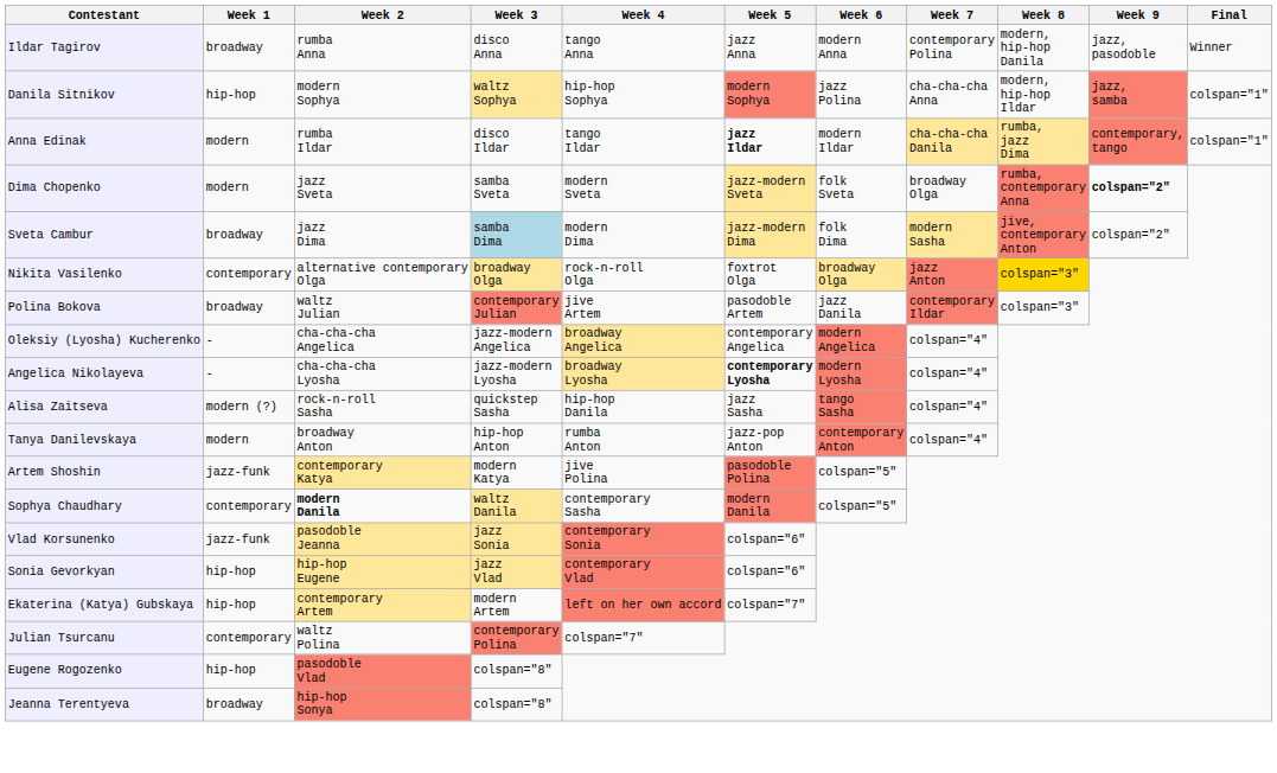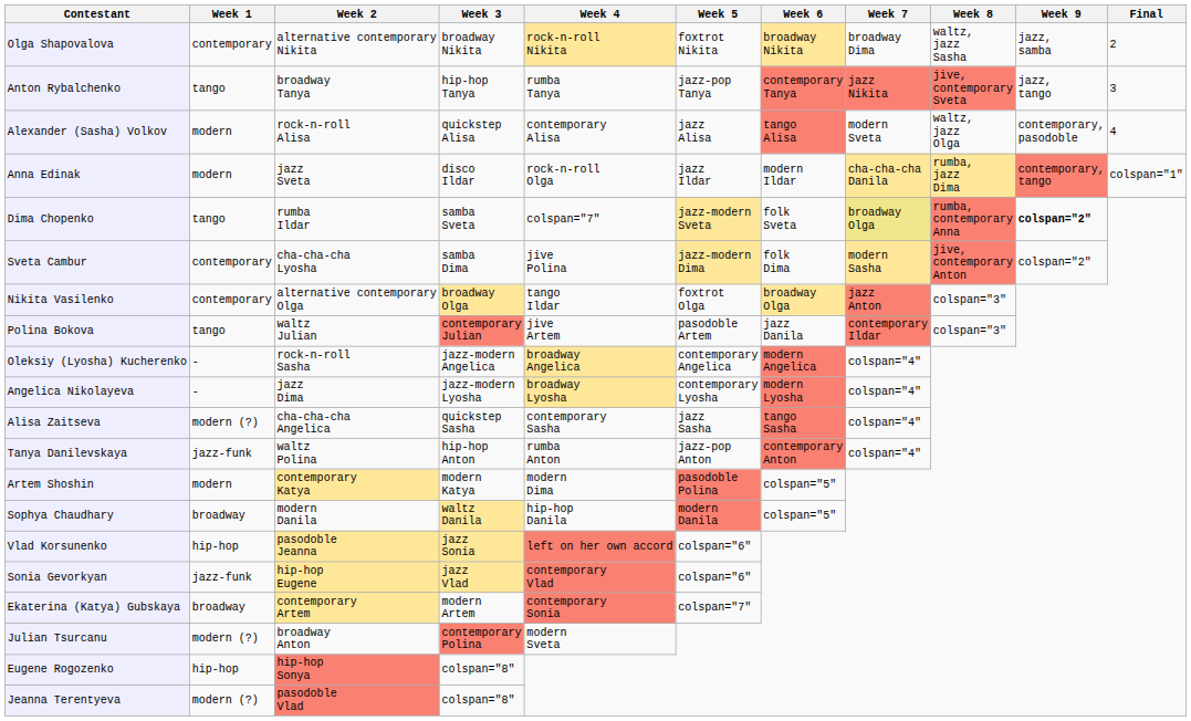 <table class="wikitable">
 <tr>
 <th>Contestant</th>
 <th>Week 1</th>
 <th>Week 2</th>
 <th>Week 3</th>
 <th>Week 4</th>
 <th>Week 5</th>
 <th>Week 6</th>
 <th>Week 7</th>
 <th>Week 8</th>
 <th>Week 9</th>
 <th>Final</th>
 </tr>
 <tr>
-<td bgcolor="#eeeeff">Ildar Tagirov</td>
-<td>broadway</td>
-<td>rumba <br> Anna</td>
-<td>disco <br> Anna</td>
-<td>tango <br> Anna</td>
-<td>jazz <br> Anna</td>
-<td>modern <br> Anna</td>
-<td>contemporary <br> Polina</td>
-<td>modern, <br> hip-hop <br> Danila</td>
-<td>jazz, <br> pasodoble</td>
-<td>Winner</td>
+<td bgcolor="#eeeeff">Olga Shapovalova</td>
+<td>contemporary</td>
+<td>alternative contemporary <br> Nikita</td>
+<td>broadway <br> Nikita</td>
+<td bgcolor=#FFE799>rock-n-roll <br> Nikita</td>
+<td>foxtrot <br> Nikita</td>
+<td bgcolor=#FFE799>broadway <br> Nikita</td>
+<td>broadway <br> Dima</td>
+<td>waltz, <br> jazz <br> Sasha</td>
+<td>jazz, <br> samba</td>
+<td>2</td>
 </tr>
 <tr>
-<td bgcolor="#eeeeff">Danila Sitnikov</td>
-<td>hip-hop</td>
-<td>modern <br> Sophya</td>
-<td bgcolor=#FFE799>waltz <br> Sophya</td>
-<td>hip-hop <br> Sophya</td>
-<td bgcolor=#FA8072>modern <br> Sophya</td>
-<td>jazz <br> Polina</td>
-<td>cha-cha-cha <br> Anna</td>
-<td>modern, <br> hip-hop <br> Ildar</td>
-<td bgcolor=#FA8072>jazz, <br> samba</td>
-<td>colspan="1" </td>
+<td bgcolor="#eeeeff">Anton Rybalchenko</td>
+<td>tango</td>
+<td>broadway <br> Tanya</td>
+<td>hip-hop <br> Tanya</td>
+<td>rumba <br> Tanya</td>
+<td>jazz-pop <br> Tanya</td>
+<td bgcolor=#FA8072>contemporary <br> Tanya</td>
+<td bgcolor=#FA8072>jazz <br> Nikita</td>
+<td bgcolor=#FA8072>jive, <br> contemporary <br> Sveta</td>
+<td>jazz, <br> tango</td>
+<td>3</td>
+</tr>
+<tr>
+<td bgcolor="#eeeeff">Alexander (Sasha) Volkov</td>
+<td>modern</td>
+<td>rock-n-roll <br> Alisa</td>
+<td>quickstep <br> Alisa</td>
+<td>contemporary <br> Alisa</td>
+<td>jazz <br> Alisa</td>
+<td bgcolor=#FA8072>tango <br> Alisa</td>
+<td>modern <br> Sveta</td>
+<td>waltz, <br> jazz <br> Olga</td>
+<td>contemporary, <br> pasodoble</td>
+<td>4</td>
 </tr>
 <tr>
 <td bgcolor="#eeeeff">Anna Edinak</td>
 <td>modern</td>
-<td>rumba <br> Ildar</td>
+<td>jazz <br> Sveta</td>
 <td>disco <br> Ildar</td>
-<td>tango <br> Ildar</td>
-<td><strong>jazz <br> Ildar</strong></td>
+<td>rock-n-roll <br> Olga</td>
+<td>jazz <br> Ildar</td>
 <td>modern <br> Ildar</td>
 <td bgcolor=#FFE799>cha-cha-cha <br> Danila</td>
 <td bgcolor=#FFE799>rumba, <br> jazz <br> Dima</td>
 <td bgcolor=#FA8072>contemporary, <br> tango</td>
 <td>colspan="1" </td>
 </tr>
 <tr>
 <td bgcolor="#eeeeff">Dima Chopenko</td>
-<td>modern</td>
-<td>jazz <br> Sveta</td>
+<td>tango</td>
+<td>rumba <br> Ildar</td>
 <td>samba <br> Sveta</td>
-<td>modern <br> Sveta</td>
+<td>colspan="7" </td>
 <td bgcolor=#FFE799>jazz-modern <br> Sveta</td>
 <td>folk <br> Sveta</td>
-<td>broadway <br> Olga</td>
+<td style="background: khaki;">broadway <br> Olga</td>
 <td bgcolor=#FA8072>rumba, <br> contemporary <br> Anna</td>
 <td><strong>colspan="2" </strong></td>
 </tr>
 <tr>
 <td bgcolor="#eeeeff">Sveta Cambur</td>
-<td>broadway</td>
-<td>jazz <br> Dima</td>
-<td style="background: lightblue;">samba <br> Dima</td>
-<td>modern <br> Dima</td>
+<td>contemporary</td>
+<td>cha-cha-cha <br> Lyosha</td>
+<td>samba <br> Dima</td>
+<td>jive <br> Polina</td>
 <td bgcolor=#FFE799>jazz-modern <br> Dima</td>
 <td>folk <br> Dima</td>
 <td bgcolor=#FFE799>modern <br> Sasha</td>
 <td bgcolor=#FA8072>jive, <br> contemporary <br> Anton</td>
 <td>colspan="2" </td>
 </tr>
 <tr>
 <td bgcolor="#eeeeff">Nikita Vasilenko</td>
 <td>contemporary</td>
 <td>alternative contemporary <br> Olga</td>
 <td bgcolor=#FFE799>broadway <br> Olga</td>
-<td>rock-n-roll <br> Olga</td>
+<td>tango <br> Ildar</td>
 <td>foxtrot <br> Olga</td>
 <td bgcolor=#FFE799>broadway <br> Olga</td>
 <td bgcolor=#FA8072>jazz <br> Anton</td>
-<td style="background: gold;">colspan="3" </td>
+<td>colspan="3" </td>
 </tr>
 <tr>
 <td bgcolor="#eeeeff">Polina Bokova</td>
-<td>broadway</td>
+<td>tango</td>
 <td>waltz <br> Julian</td>
 <td bgcolor=#FA8072>contemporary <br> Julian</td>
 <td>jive <br> Artem</td>
 <td>pasodoble <br> Artem</td>
 <td>jazz <br> Danila</td>
 <td bgcolor=#FA8072>contemporary <br> Ildar</td>
 <td>colspan="3" </td>
 </tr>
 <tr>
 <td bgcolor="#eeeeff">Oleksiy (Lyosha) Kucherenko</td>
 <td>-</td>
-<td>cha-cha-cha <br> Angelica</td>
+<td>rock-n-roll <br> Sasha</td>
 <td>jazz-modern <br> Angelica</td>
 <td bgcolor=#FFE799>broadway <br> Angelica</td>
 <td>contemporary <br> Angelica</td>
 <td bgcolor=#FA8072>modern <br> Angelica</td>
 <td>colspan="4" </td>
 </tr>
 <tr>
 <td bgcolor="#eeeeff">Angelica Nikolayeva</td>
 <td>-</td>
-<td>cha-cha-cha <br> Lyosha</td>
+<td>jazz <br> Dima</td>
 <td>jazz-modern <br> Lyosha</td>
 <td bgcolor=#FFE799>broadway <br> Lyosha</td>
-<td><strong>contemporary <br> Lyosha</strong></td>
+<td>contemporary <br> Lyosha</td>
 <td bgcolor=#FA8072>modern <br> Lyosha</td>
 <td>colspan="4" </td>
 </tr>
 <tr>
 <td bgcolor="#eeeeff">Alisa Zaitseva</td>
 <td>modern (?)</td>
-<td>rock-n-roll <br> Sasha</td>
+<td>cha-cha-cha <br> Angelica</td>
 <td>quickstep <br> Sasha</td>
-<td>hip-hop <br> Danila</td>
+<td>contemporary <br> Sasha</td>
 <td>jazz <br> Sasha</td>
 <td bgcolor=#FA8072>tango <br> Sasha</td>
 <td>colspan="4" </td>
 </tr>
 <tr>
 <td bgcolor="#eeeeff">Tanya Danilevskaya</td>
-<td>modern</td>
-<td>broadway <br> Anton</td>
+<td>jazz-funk</td>
+<td>waltz <br> Polina</td>
 <td>hip-hop <br> Anton</td>
 <td>rumba <br> Anton</td>
 <td>jazz-pop <br> Anton</td>
 <td bgcolor=#FA8072>contemporary <br> Anton</td>
 <td>colspan="4" </td>
 </tr>
 <tr>
 <td bgcolor="#eeeeff">Artem Shoshin</td>
-<td>jazz-funk</td>
+<td>modern</td>
 <td bgcolor=#FFE799>contemporary <br> Katya</td>
 <td>modern <br> Katya</td>
-<td>jive <br> Polina</td>
+<td>modern <br> Dima</td>
 <td bgcolor=#FA8072>pasodoble <br> Polina</td>
 <td>colspan="5" </td>
 </tr>
 <tr>
 <td bgcolor="#eeeeff">Sophya Chaudhary</td>
-<td>contemporary</td>
-<td><strong>modern <br> Danila</strong></td>
+<td>broadway</td>
+<td>modern <br> Danila</td>
 <td bgcolor=#FFE799>waltz <br> Danila</td>
-<td>contemporary <br> Sasha</td>
+<td>hip-hop <br> Danila</td>
 <td bgcolor=#FA8072>modern <br> Danila</td>
 <td>colspan="5" </td>
 </tr>
 <tr>
 <td bgcolor="#eeeeff">Vlad Korsunenko</td>
-<td>jazz-funk</td>
+<td>hip-hop</td>
 <td bgcolor=#FFE799>pasodoble <br> Jeanna</td>
 <td bgcolor=#FFE799>jazz <br> Sonia</td>
-<td bgcolor=#FA8072>contemporary <br> Sonia</td>
+<td bgcolor=#FA8072>left on her own accord</td>
 <td>colspan="6" </td>
 </tr>
 <tr>
 <td bgcolor="#eeeeff">Sonia Gevorkyan</td>
-<td>hip-hop</td>
+<td>jazz-funk</td>
 <td bgcolor=#FFE799>hip-hop <br> Eugene</td>
 <td bgcolor=#FFE799>jazz <br> Vlad</td>
 <td bgcolor=#FA8072>contemporary <br> Vlad</td>
 <td>colspan="6" </td>
 </tr>
 <tr>
 <td bgcolor="#eeeeff">Ekaterina (Katya) Gubskaya</td>
-<td>hip-hop</td>
+<td>broadway</td>
 <td bgcolor=#FFE799>contemporary <br> Artem</td>
 <td>modern <br> Artem</td>
-<td bgcolor=#FA8072>left on her own accord</td>
+<td bgcolor=#FA8072>contemporary <br> Sonia</td>
 <td>colspan="7" </td>
 </tr>
 <tr>
 <td bgcolor="#eeeeff">Julian Tsurcanu</td>
-<td>contemporary</td>
-<td>waltz <br> Polina</td>
+<td>modern (?)</td>
+<td>broadway <br> Anton</td>
 <td bgcolor=#FA8072>contemporary <br> Polina</td>
-<td>colspan="7" </td>
+<td>modern <br> Sveta</td>
 </tr>
 <tr>
 <td bgcolor="#eeeeff">Eugene Rogozenko</td>
 <td>hip-hop</td>
-<td bgcolor=#FA8072>pasodoble <br> Vlad</td>
+<td bgcolor=#FA8072>hip-hop <br> Sonya</td>
 <td>colspan="8" </td>
 </tr>
 <tr>
 <td bgcolor="#eeeeff">Jeanna Terentyeva</td>
-<td>broadway</td>
-<td bgcolor=#FA8072>hip-hop <br> Sonya</td>
+<td>modern (?)</td>
+<td bgcolor=#FA8072>pasodoble <br> Vlad</td>
 <td>colspan="8" </td>
 </tr>
 </table>
